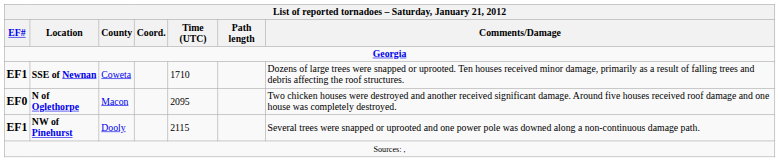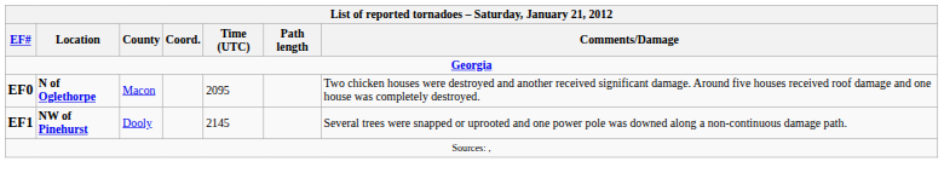 <table class="wikitable collapsible" style="width:100%;">
 <tr>
 <th colspan="7">List of reported tornadoes – Saturday, January 21, 2012</th>
 </tr>
 <tr>
 <th><a href='#'>EF#</a></th>
 <th>Location</th>
 <th>County</th>
 <th>Coord.</th>
 <th>Time (UTC)</th>
 <th>Path length</th>
 <th>Comments/Damage</th>
 </tr>
 <tr>
 <td colspan="7" style="text-align:center;"><strong><a href='#'>Georgia</a></strong></td>
 </tr>
 <tr>
-<td><big><strong>EF1</strong></big></td>
-<td><strong>SSE of <a href='#'>Newnan</a></strong></td>
-<td><a href='#'>Coweta</a></td>
-<td></td>
-<td>1710</td>
-<td></td>
-<td>Dozens of large trees were snapped or uprooted. Ten houses received minor damage, primarily as a result of falling trees and debris affecting the roof structures.</td>
-</tr>
-<tr>
 <td><big><strong>EF0</strong></big></td>
 <td><strong>N of <a href='#'>Oglethorpe</a></strong></td>
 <td><a href='#'>Macon</a></td>
 <td></td>
 <td>2095</td>
 <td></td>
 <td>Two chicken houses were destroyed and another received significant damage. Around five houses received roof damage and one house was completely destroyed.</td>
 </tr>
 <tr>
 <td><big><strong>EF1</strong></big></td>
 <td><strong>NW of <a href='#'>Pinehurst</a></strong></td>
 <td><a href='#'>Dooly</a></td>
 <td></td>
-<td>2115</td>
+<td>2145</td>
 <td></td>
 <td>Several trees were snapped or uprooted and one power pole was downed along a non-continuous damage path.</td>
 </tr>
 <tr>
 <td colspan="7" style="text-align:center;"><small>Sources: , </small></td>
 </tr>
 </table>
